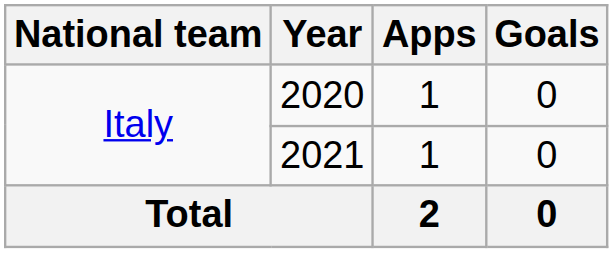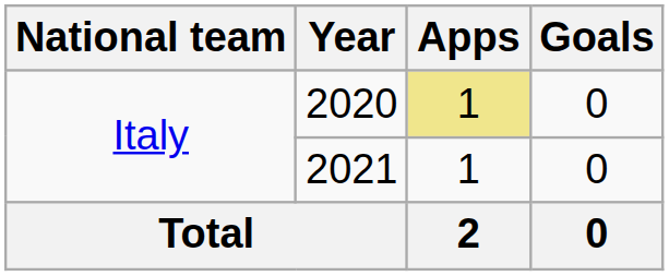 <table class="wikitable" style="text-align:center">
 <tr>
 <th>National team</th>
 <th>Year</th>
 <th>Apps</th>
 <th>Goals</th>
 </tr>
 <tr>
 <td rowspan="2"><a href='#'>Italy</a></td>
 <td>2020</td>
-<td>1</td>
+<td style="background: khaki;">1</td>
 <td>0</td>
 </tr>
 <tr>
 <td>2021</td>
 <td>1</td>
 <td>0</td>
 </tr>
 <tr>
 <th colspan="2">Total</th>
 <th>2</th>
 <th>0</th>
 </tr>
 </table>
